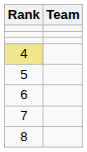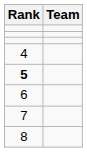 <table class=wikitable style="text-align:center">
 <tr>
 <th width=40>Rank</th>
 <th>Team</th>
 </tr>
 <tr>
 <td></td>
 <td align=left></td>
 </tr>
 <tr>
 <td></td>
 <td align=left></td>
 </tr>
 <tr>
 <td></td>
 <td align=left></td>
 </tr>
 <tr>
-<td style="background: khaki;">4</td>
+<td>4</td>
 <td align=left></td>
 </tr>
 <tr>
-<td>5</td>
+<td><strong>5</strong></td>
 <td align=left></td>
 </tr>
 <tr>
 <td>6</td>
 <td align=left></td>
 </tr>
 <tr>
 <td>7</td>
 <td align=left></td>
 </tr>
 <tr>
 <td>8</td>
 <td align=left></td>
 </tr>
 </table>
